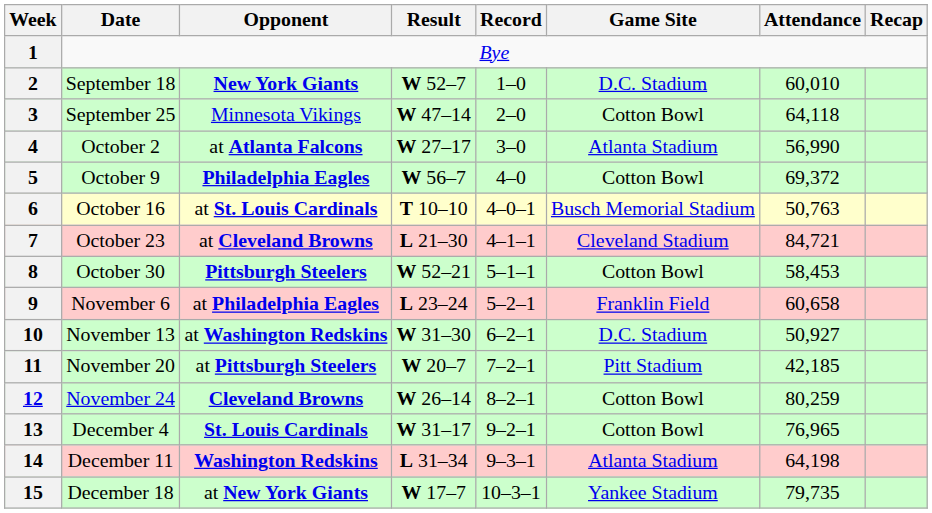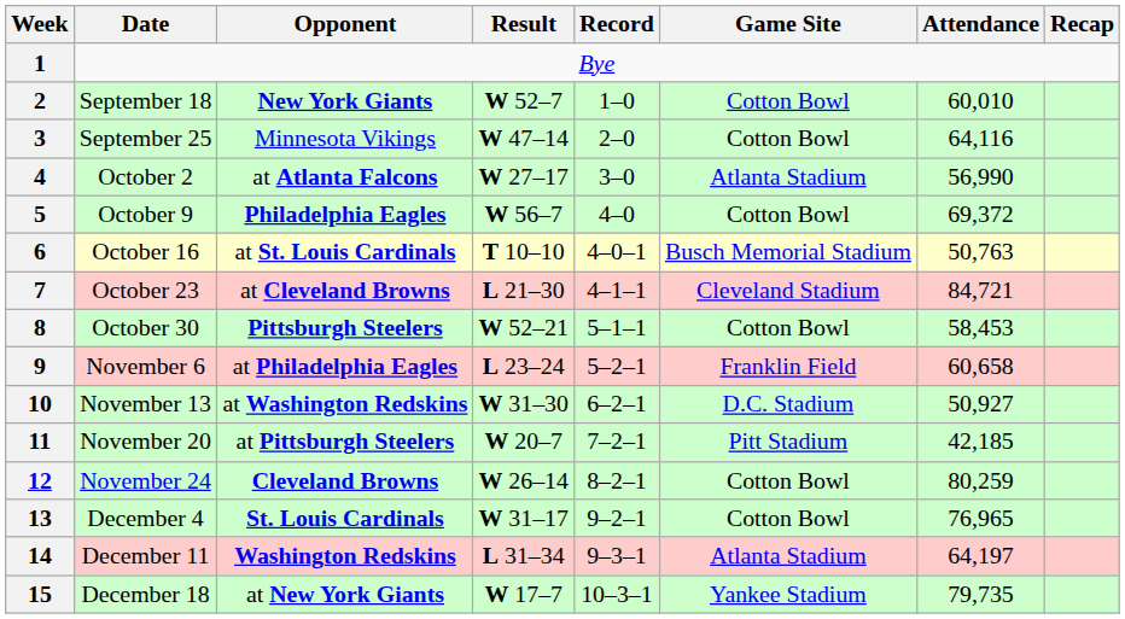 <table class="wikitable" style="text-align:center">
 <tr>
 <th>Week</th>
 <th>Date</th>
 <th>Opponent</th>
 <th>Result</th>
 <th>Record</th>
 <th>Game Site</th>
 <th>Attendance</th>
 <th>Recap</th>
 </tr>
 <tr>
 <th>1</th>
 <td colspan=7><em><a href='#'>Bye</a></em></td>
 </tr>
 <tr style="background: #cfc">
 <th>2</th>
 <td>September 18</td>
 <td><strong><a href='#'>New York Giants</a></strong></td>
 <td><strong>W</strong> 52–7</td>
 <td>1–0</td>
-<td><a href='#'>D.C. Stadium</a></td>
+<td><a href='#'>Cotton Bowl</a></td>
 <td>60,010</td>
 <td></td>
 </tr>
 <tr style="background: #cfc">
 <th>3</th>
 <td>September 25</td>
 <td><a href='#'>Minnesota Vikings</a></td>
 <td><strong>W</strong> 47–14</td>
 <td>2–0</td>
 <td>Cotton Bowl</td>
-<td>64,118</td>
+<td>64,116</td>
 <td></td>
 </tr>
 <tr style="background: #cfc">
 <th>4</th>
 <td>October 2</td>
 <td>at <strong><a href='#'>Atlanta Falcons</a></strong></td>
 <td><strong>W</strong> 27–17</td>
 <td>3–0</td>
 <td><a href='#'>Atlanta Stadium</a></td>
 <td>56,990</td>
 <td></td>
 </tr>
 <tr style="background: #cfc">
 <th>5</th>
 <td>October 9</td>
 <td><strong><a href='#'>Philadelphia Eagles</a></strong></td>
 <td><strong>W</strong> 56–7</td>
 <td>4–0</td>
 <td>Cotton Bowl</td>
 <td>69,372</td>
 <td></td>
 </tr>
 <tr style="background: #ffc">
 <th>6</th>
 <td>October 16</td>
 <td>at <strong><a href='#'>St. Louis Cardinals</a></strong></td>
 <td><strong>T</strong> 10–10</td>
 <td>4–0–1</td>
 <td><a href='#'>Busch Memorial Stadium</a></td>
 <td>50,763</td>
 <td></td>
 </tr>
 <tr style="background: #fcc">
 <th>7</th>
 <td>October 23</td>
 <td>at <strong><a href='#'>Cleveland Browns</a></strong></td>
 <td><strong>L</strong> 21–30</td>
 <td>4–1–1</td>
 <td><a href='#'>Cleveland Stadium</a></td>
 <td>84,721</td>
 <td></td>
 </tr>
 <tr style="background: #cfc">
 <th>8</th>
 <td>October 30</td>
 <td><strong><a href='#'>Pittsburgh Steelers</a></strong></td>
 <td><strong>W</strong> 52–21</td>
 <td>5–1–1</td>
 <td>Cotton Bowl</td>
 <td>58,453</td>
 <td></td>
 </tr>
 <tr style="background: #fcc">
 <th>9</th>
 <td>November 6</td>
 <td>at <strong><a href='#'>Philadelphia Eagles</a></strong></td>
 <td><strong>L</strong> 23–24</td>
 <td>5–2–1</td>
 <td><a href='#'>Franklin Field</a></td>
 <td>60,658</td>
 <td></td>
 </tr>
 <tr style="background: #cfc">
 <th>10</th>
 <td>November 13</td>
 <td>at <strong><a href='#'>Washington Redskins</a></strong></td>
 <td><strong>W</strong> 31–30</td>
 <td>6–2–1</td>
 <td><a href='#'>D.C. Stadium</a></td>
 <td>50,927</td>
 <td></td>
 </tr>
 <tr style="background: #cfc">
 <th>11</th>
 <td>November 20</td>
 <td>at <strong><a href='#'>Pittsburgh Steelers</a></strong></td>
 <td><strong>W</strong> 20–7</td>
 <td>7–2–1</td>
 <td><a href='#'>Pitt Stadium</a></td>
 <td>42,185</td>
 <td></td>
 </tr>
 <tr style="background: #cfc">
 <th><a href='#'>12</a></th>
 <td><a href='#'>November 24</a></td>
 <td><strong><a href='#'>Cleveland Browns</a></strong></td>
 <td><strong>W</strong> 26–14</td>
 <td>8–2–1</td>
 <td>Cotton Bowl</td>
 <td>80,259</td>
 <td></td>
 </tr>
 <tr style="background: #cfc">
 <th>13</th>
 <td>December 4</td>
 <td><strong><a href='#'>St. Louis Cardinals</a></strong></td>
 <td><strong>W</strong> 31–17</td>
 <td>9–2–1</td>
 <td>Cotton Bowl</td>
 <td>76,965</td>
 <td></td>
 </tr>
 <tr style="background: #fcc">
 <th>14</th>
 <td>December 11</td>
 <td><strong><a href='#'>Washington Redskins</a></strong></td>
 <td><strong>L</strong> 31–34</td>
 <td>9–3–1</td>
 <td><a href='#'>Atlanta Stadium</a></td>
-<td>64,198</td>
+<td>64,197</td>
 <td></td>
 </tr>
 <tr style="background: #cfc">
 <th>15</th>
 <td>December 18</td>
 <td>at <strong><a href='#'>New York Giants</a></strong></td>
 <td><strong>W</strong> 17–7</td>
 <td>10–3–1</td>
 <td><a href='#'>Yankee Stadium</a></td>
 <td>79,735</td>
 <td></td>
 </tr>
 </table>
